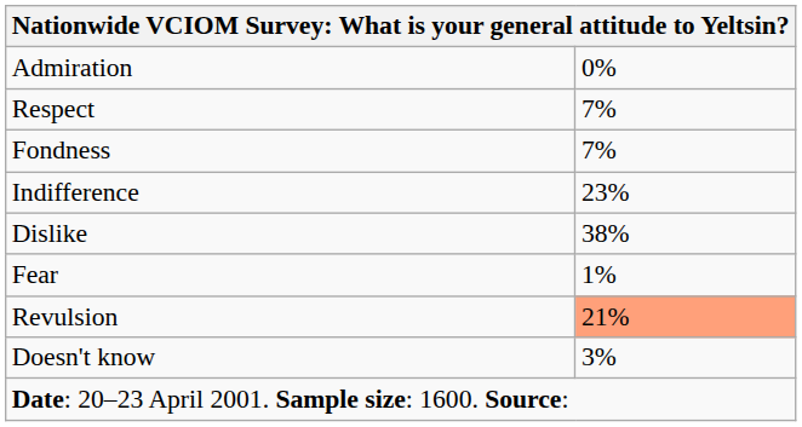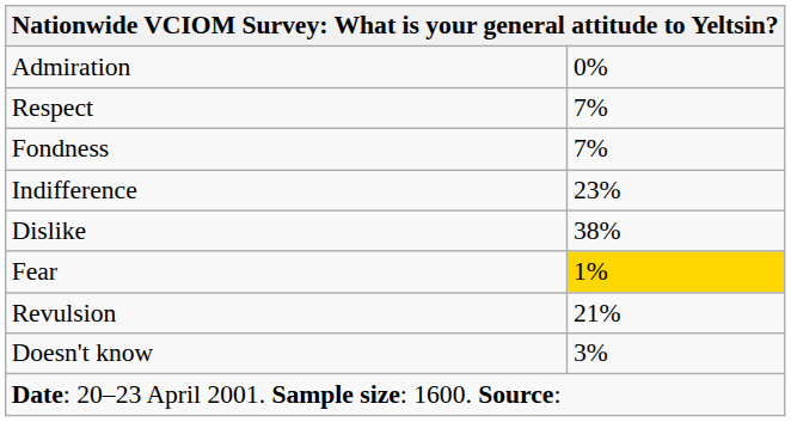 <table class="wikitable">
 <tr>
 <th colspan=6>Nationwide VCIOM Survey: What is your general attitude to Yeltsin?</th>
 </tr>
 <tr>
 <td>Admiration</td>
 <td>0%</td>
 </tr>
 <tr>
 <td>Respect</td>
 <td>7%</td>
 </tr>
 <tr>
 <td>Fondness</td>
 <td>7%</td>
 </tr>
 <tr>
 <td>Indifference</td>
 <td>23%</td>
 </tr>
 <tr>
 <td>Dislike</td>
 <td>38%</td>
 </tr>
 <tr>
 <td>Fear</td>
-<td>1%</td>
+<td style="background: gold;">1%</td>
 </tr>
 <tr>
 <td>Revulsion</td>
-<td style="background: lightsalmon;">21%</td>
+<td>21%</td>
 </tr>
 <tr>
 <td>Doesn't know</td>
 <td>3%</td>
 </tr>
 <tr>
 <td align=left colspan=6><strong>Date</strong>: 20–23 April 2001. <strong>Sample size</strong>: 1600. <strong>Source</strong>:</td>
 </tr>
 </table>
